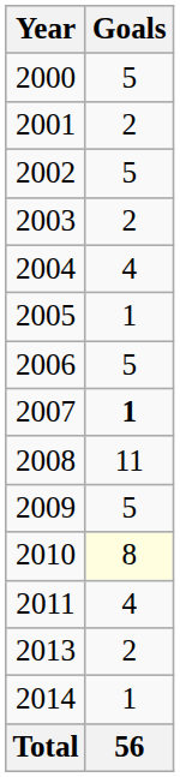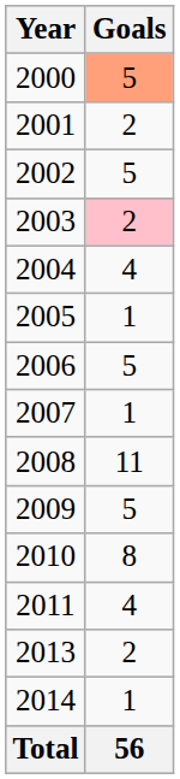 <table class="wikitable sortable" style="text-align:center">
 <tr>
 <th scope=col>Year</th>
 <th scope=col>Goals</th>
 </tr>
 <tr>
 <td>2000</td>
-<td>5</td>
+<td style="background: lightsalmon;">5</td>
 </tr>
 <tr>
 <td>2001</td>
 <td>2</td>
 </tr>
 <tr>
 <td>2002</td>
 <td>5</td>
 </tr>
 <tr>
 <td>2003</td>
-<td>2</td>
+<td style="background: pink;">2</td>
 </tr>
 <tr>
 <td>2004</td>
 <td>4</td>
 </tr>
 <tr>
 <td>2005</td>
 <td>1</td>
 </tr>
 <tr>
 <td>2006</td>
 <td>5</td>
 </tr>
 <tr>
 <td>2007</td>
-<td><strong>1</strong></td>
+<td>1</td>
 </tr>
 <tr>
 <td>2008</td>
 <td>11</td>
 </tr>
 <tr>
 <td>2009</td>
 <td>5</td>
 </tr>
 <tr>
 <td>2010</td>
-<td style="background: lightyellow;">8</td>
+<td>8</td>
 </tr>
 <tr>
 <td>2011</td>
 <td>4</td>
 </tr>
 <tr>
 <td>2013</td>
 <td>2</td>
 </tr>
 <tr>
 <td>2014</td>
 <td>1</td>
 </tr>
 <tr>
 <th>Total</th>
 <th>56</th>
 </tr>
 </table>
